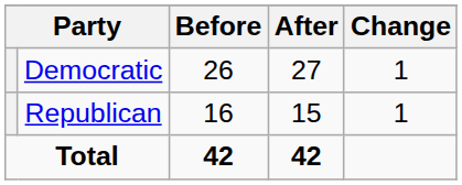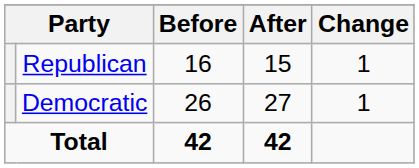 <table class="wikitable" style="text-align:center;">
 <tr>
 </tr>
 <tr>
 <th colspan=2>Party</th>
 <th>Before</th>
 <th>After</th>
 <th>Change</th>
 </tr>
 <tr>
 <th style="background-color:"></th>
-<td><a href='#'>Democratic</a></td>
-<td>26</td>
-<td>27</td>
+<td><a href='#'>Republican</a></td>
+<td>16</td>
+<td>15</td>
 <td> 1</td>
 </tr>
 <tr>
 <th style="background-color:"></th>
-<td><a href='#'>Republican</a></td>
-<td>16</td>
-<td>15</td>
+<td><a href='#'>Democratic</a></td>
+<td>26</td>
+<td>27</td>
 <td> 1</td>
 </tr>
 <tr>
 <td colspan=2><strong>Total</strong></td>
 <td><strong>42</strong></td>
 <td><strong>42</strong></td>
 <td></td>
 </tr>
 </table>
